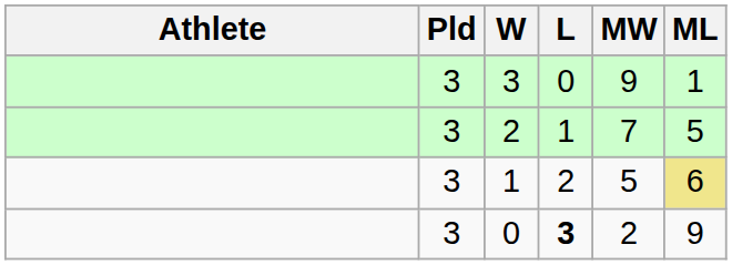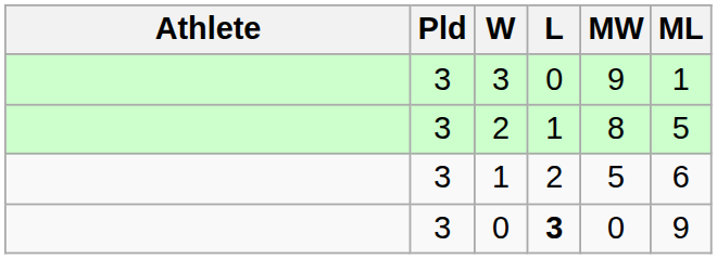 <table class="wikitable" style="text-align:center">
 <tr>
 <th width=200>Athlete</th>
 <th width=20>Pld</th>
 <th width=20>W</th>
 <th width=20>L</th>
 <th width=20>MW</th>
 <th width=20>ML</th>
 </tr>
 <tr bgcolor="ccffcc">
 <td style="text-align:left"></td>
 <td>3</td>
 <td>3</td>
 <td>0</td>
 <td>9</td>
 <td>1</td>
 </tr>
 <tr bgcolor="ccffcc">
 <td style="text-align:left"></td>
 <td>3</td>
 <td>2</td>
 <td>1</td>
-<td>7</td>
+<td>8</td>
 <td>5</td>
 </tr>
 <tr>
 <td style="text-align:left"></td>
 <td>3</td>
 <td>1</td>
 <td>2</td>
 <td>5</td>
-<td style="background: khaki;">6</td>
+<td>6</td>
 </tr>
 <tr>
 <td style="text-align:left"></td>
 <td>3</td>
 <td>0</td>
 <td><strong>3</strong></td>
-<td>2</td>
+<td>0</td>
 <td>9</td>
 </tr>
 </table>
